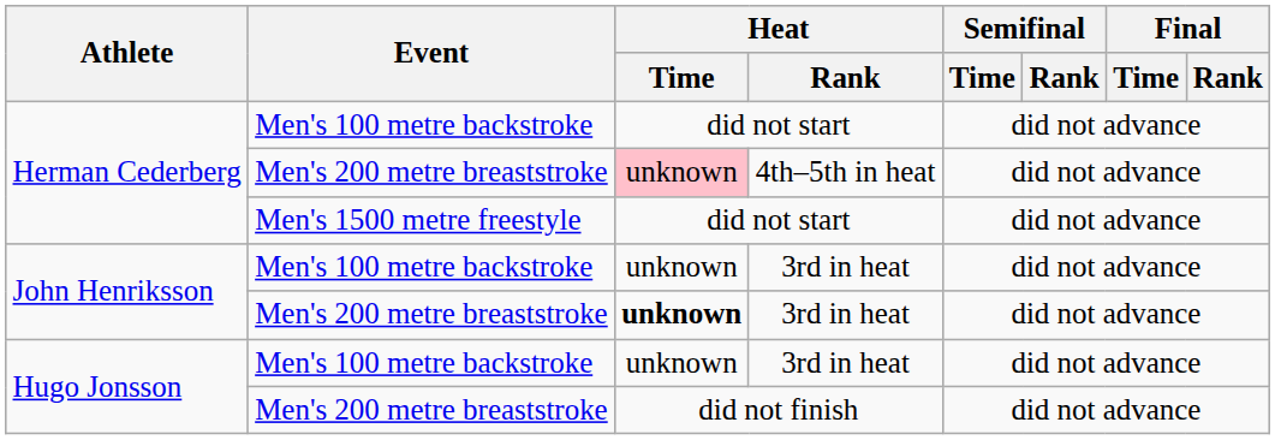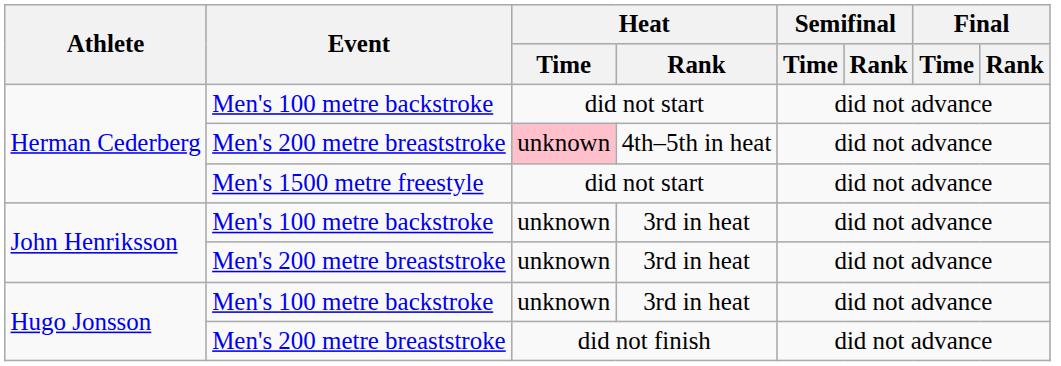 <table class=wikitable>
 <tr>
 <th rowspan=2>Athlete</th>
 <th rowspan=2>Event</th>
 <th colspan=2>Heat</th>
 <th colspan=2>Semifinal</th>
 <th colspan=2>Final</th>
 </tr>
 <tr>
 <th>Time</th>
 <th>Rank</th>
 <th>Time</th>
 <th>Rank</th>
 <th>Time</th>
 <th>Rank</th>
 </tr>
 <tr align=center>
 <td align=left rowspan=3><a href='#'>Herman Cederberg</a></td>
 <td align=left><a href='#'>Men's 100 metre backstroke</a></td>
 <td colspan=2>did not start</td>
 <td colspan=4>did not advance</td>
 </tr>
 <tr align=center>
 <td align=left><a href='#'>Men's 200 metre breaststroke</a></td>
 <td style="background: pink;">unknown</td>
 <td>4th–5th in heat</td>
 <td colspan=4>did not advance</td>
 </tr>
 <tr align=center>
 <td align=left><a href='#'>Men's 1500 metre freestyle</a></td>
 <td colspan=2>did not start</td>
 <td colspan=4>did not advance</td>
 </tr>
 <tr align=center>
 <td align=left rowspan=2><a href='#'>John Henriksson</a></td>
 <td align=left><a href='#'>Men's 100 metre backstroke</a></td>
 <td>unknown</td>
 <td>3rd in heat</td>
 <td colspan=4>did not advance</td>
 </tr>
 <tr align=center>
 <td align=left><a href='#'>Men's 200 metre breaststroke</a></td>
-<td><strong>unknown</strong></td>
+<td>unknown</td>
 <td>3rd in heat</td>
 <td colspan=4>did not advance</td>
 </tr>
 <tr align=center>
 <td align=left rowspan=2><a href='#'>Hugo Jonsson</a></td>
 <td align=left><a href='#'>Men's 100 metre backstroke</a></td>
 <td>unknown</td>
 <td>3rd in heat</td>
 <td colspan=4>did not advance</td>
 </tr>
 <tr align=center>
 <td align=left><a href='#'>Men's 200 metre breaststroke</a></td>
 <td colspan=2>did not finish</td>
 <td colspan=4>did not advance</td>
 </tr>
 </table>
